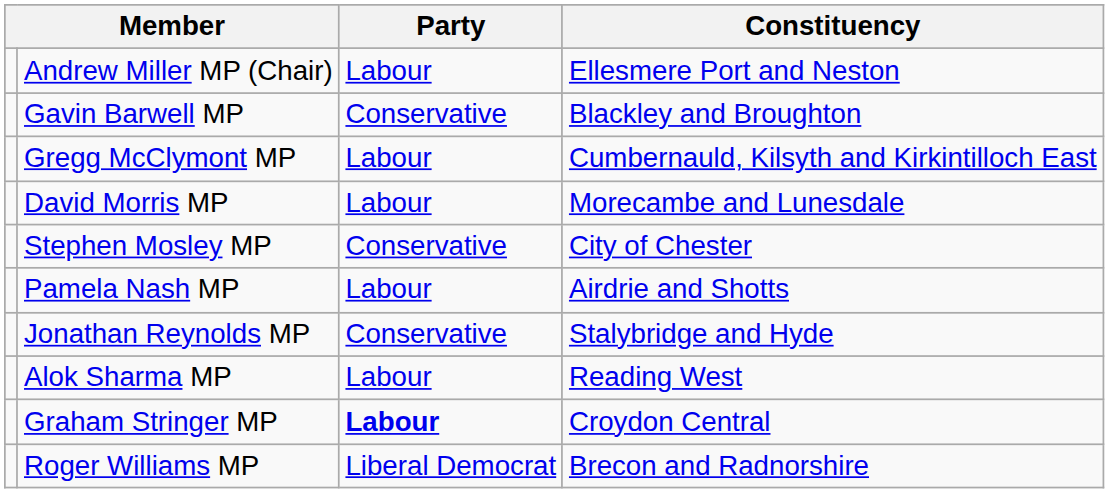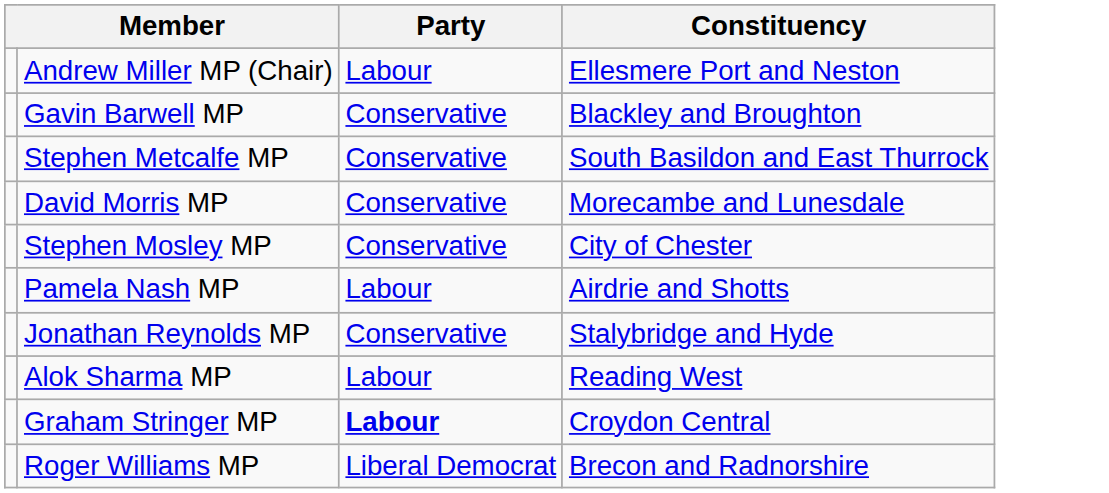 <table class="wikitable">
 <tr>
 <th colspan="2" valign="top">Member</th>
 <th valign="top">Party</th>
 <th valign="top">Constituency</th>
 </tr>
 <tr>
 <td style="color:inherit;background:"></td>
 <td><a href='#'>Andrew Miller</a> MP (Chair)</td>
 <td><a href='#'>Labour</a></td>
 <td><a href='#'>Ellesmere Port and Neston</a></td>
 </tr>
 <tr>
 <td style="color:inherit;background:"></td>
 <td><a href='#'>Gavin Barwell</a> MP</td>
 <td><a href='#'>Conservative</a></td>
 <td><a href='#'>Blackley and Broughton</a></td>
 </tr>
 <tr>
 <td style="color:inherit;background:"></td>
-<td><a href='#'>Gregg McClymont</a> MP</td>
-<td><a href='#'>Labour</a></td>
-<td><a href='#'>Cumbernauld, Kilsyth and Kirkintilloch East</a></td>
+<td><a href='#'>Stephen Metcalfe</a> MP</td>
+<td><a href='#'>Conservative</a></td>
+<td><a href='#'>South Basildon and East Thurrock</a></td>
 </tr>
 <tr>
 <td style="color:inherit;background:"></td>
 <td><a href='#'>David Morris</a> MP</td>
-<td><a href='#'>Labour</a></td>
+<td><a href='#'>Conservative</a></td>
 <td><a href='#'>Morecambe and Lunesdale</a></td>
 </tr>
 <tr>
 <td style="color:inherit;background:"></td>
 <td><a href='#'>Stephen Mosley</a> MP</td>
 <td><a href='#'>Conservative</a></td>
 <td><a href='#'>City of Chester</a></td>
 </tr>
 <tr>
 <td style="color:inherit;background:"></td>
 <td><a href='#'>Pamela Nash</a> MP</td>
 <td><a href='#'>Labour</a></td>
 <td><a href='#'>Airdrie and Shotts</a></td>
 </tr>
 <tr>
 <td style="color:inherit;background:"></td>
 <td><a href='#'>Jonathan Reynolds</a> MP</td>
 <td><a href='#'>Conservative</a></td>
 <td><a href='#'>Stalybridge and Hyde</a></td>
 </tr>
 <tr>
 <td style="color:inherit;background:"></td>
 <td><a href='#'>Alok Sharma</a> MP</td>
 <td><a href='#'>Labour</a></td>
 <td><a href='#'>Reading West</a></td>
 </tr>
 <tr>
 <td style="color:inherit;background:"></td>
 <td><a href='#'>Graham Stringer</a> MP</td>
 <td><strong><a href='#'>Labour</a></strong></td>
 <td><a href='#'>Croydon Central</a></td>
 </tr>
 <tr>
 <td style="color:inherit;background:"></td>
 <td><a href='#'>Roger Williams</a> MP</td>
 <td><a href='#'>Liberal Democrat</a></td>
 <td><a href='#'>Brecon and Radnorshire</a></td>
 </tr>
 </table>
